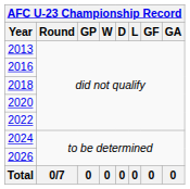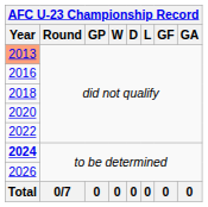 <table class="wikitable" style="text-align: center;">
 <tr>
 <th colspan=8><a href='#'>AFC U-23 Championship Record</a></th>
 </tr>
 <tr>
 <th>Year</th>
 <th>Round</th>
 <th>GP</th>
 <th>W</th>
 <th>D</th>
 <th>L</th>
 <th>GF</th>
 <th>GA</th>
 </tr>
 <tr>
-<td> <a href='#'>2013</a></td>
+<td style="background: lightsalmon;"> <a href='#'>2013</a></td>
 <td rowspan=5 colspan=8><em>did not qualify</em></td>
 </tr>
 <tr>
 <td> <a href='#'>2016</a></td>
 </tr>
 <tr>
 <td> <a href='#'>2018</a></td>
 </tr>
 <tr>
 <td> <a href='#'>2020</a></td>
 </tr>
 <tr>
 <td> <a href='#'>2022</a></td>
 </tr>
 <tr>
-<td> <a href='#'>2024</a></td>
+<td><strong> <a href='#'>2024</a></strong></td>
 <td rowspan=2 colspan=8><em>to be determined</em></td>
 </tr>
 <tr>
 <td> <a href='#'>2026</a></td>
 </tr>
 <tr>
 <th>Total</th>
 <th>0/7</th>
 <th>0</th>
 <th>0</th>
 <th>0</th>
 <th>0</th>
 <th>0</th>
 <th>0</th>
 </tr>
 </table>
